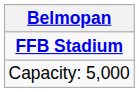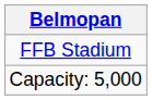 <table class="wikitable">
 <tr>
 <th><a href='#'>Belmopan</a></th>
 </tr>
 <tr align=center>
-<td><strong><a href='#'>FFB Stadium</a></strong></td>
+<td><a href='#'>FFB Stadium</a></td>
 </tr>
 <tr align=center>
 <td>Capacity: 5,000</td>
 </tr>
 </table>
